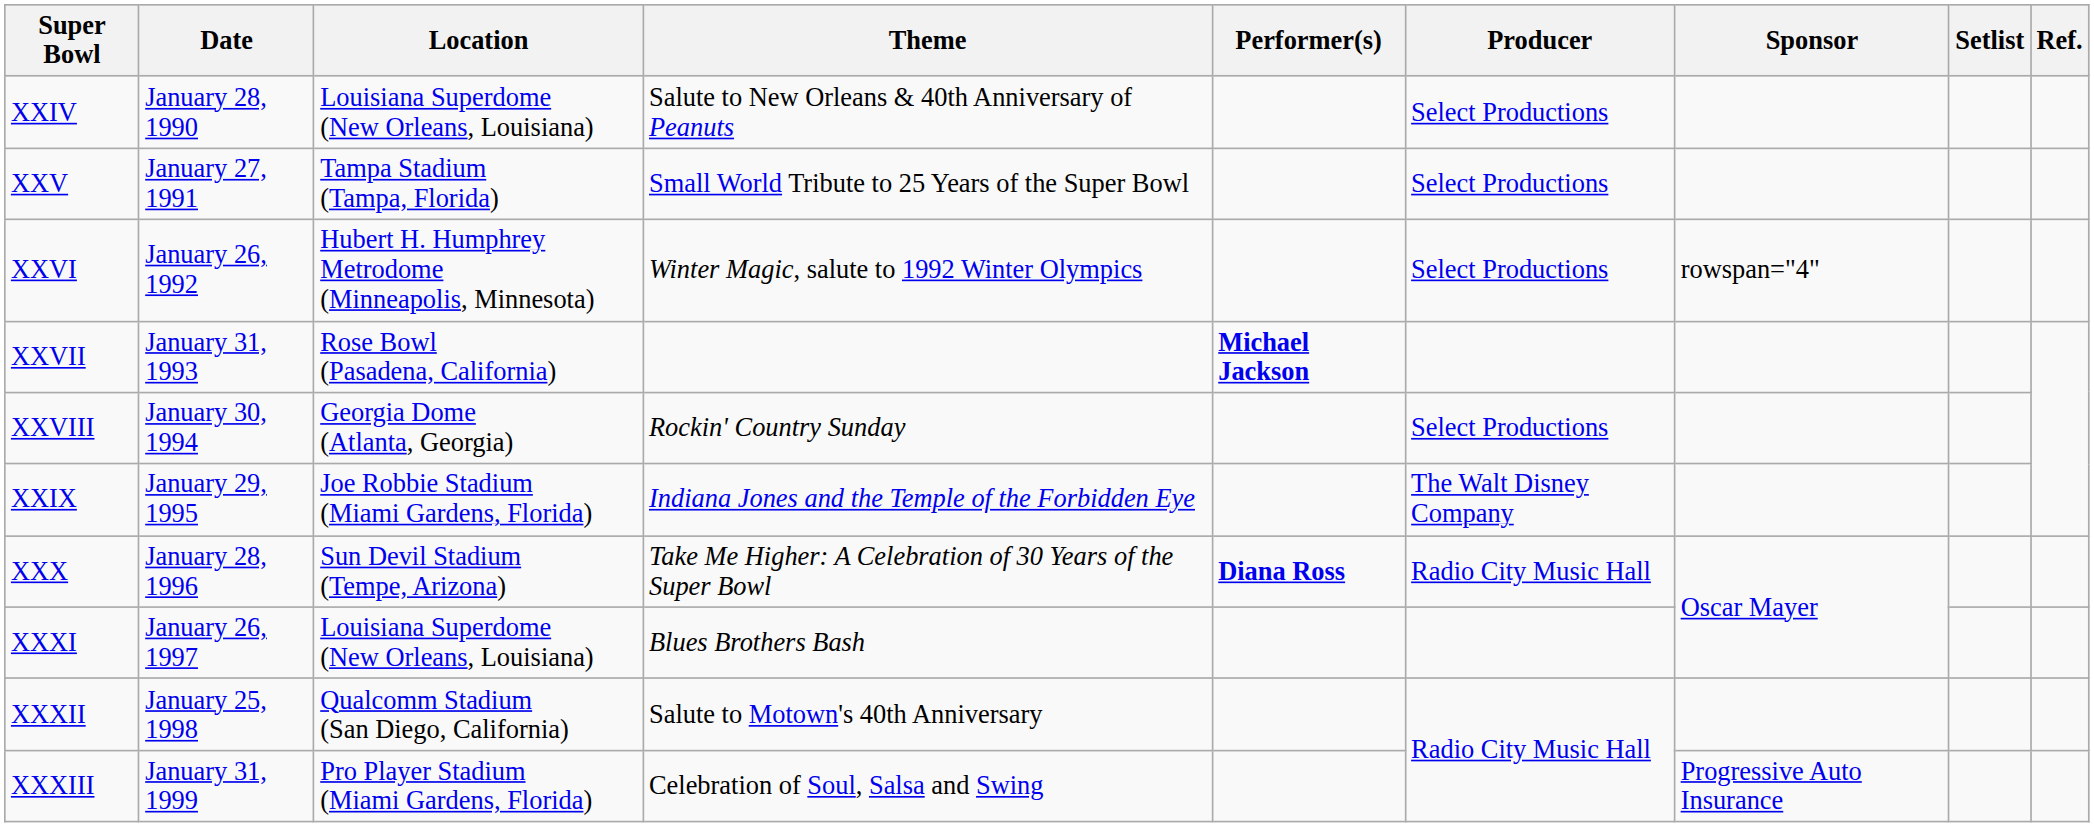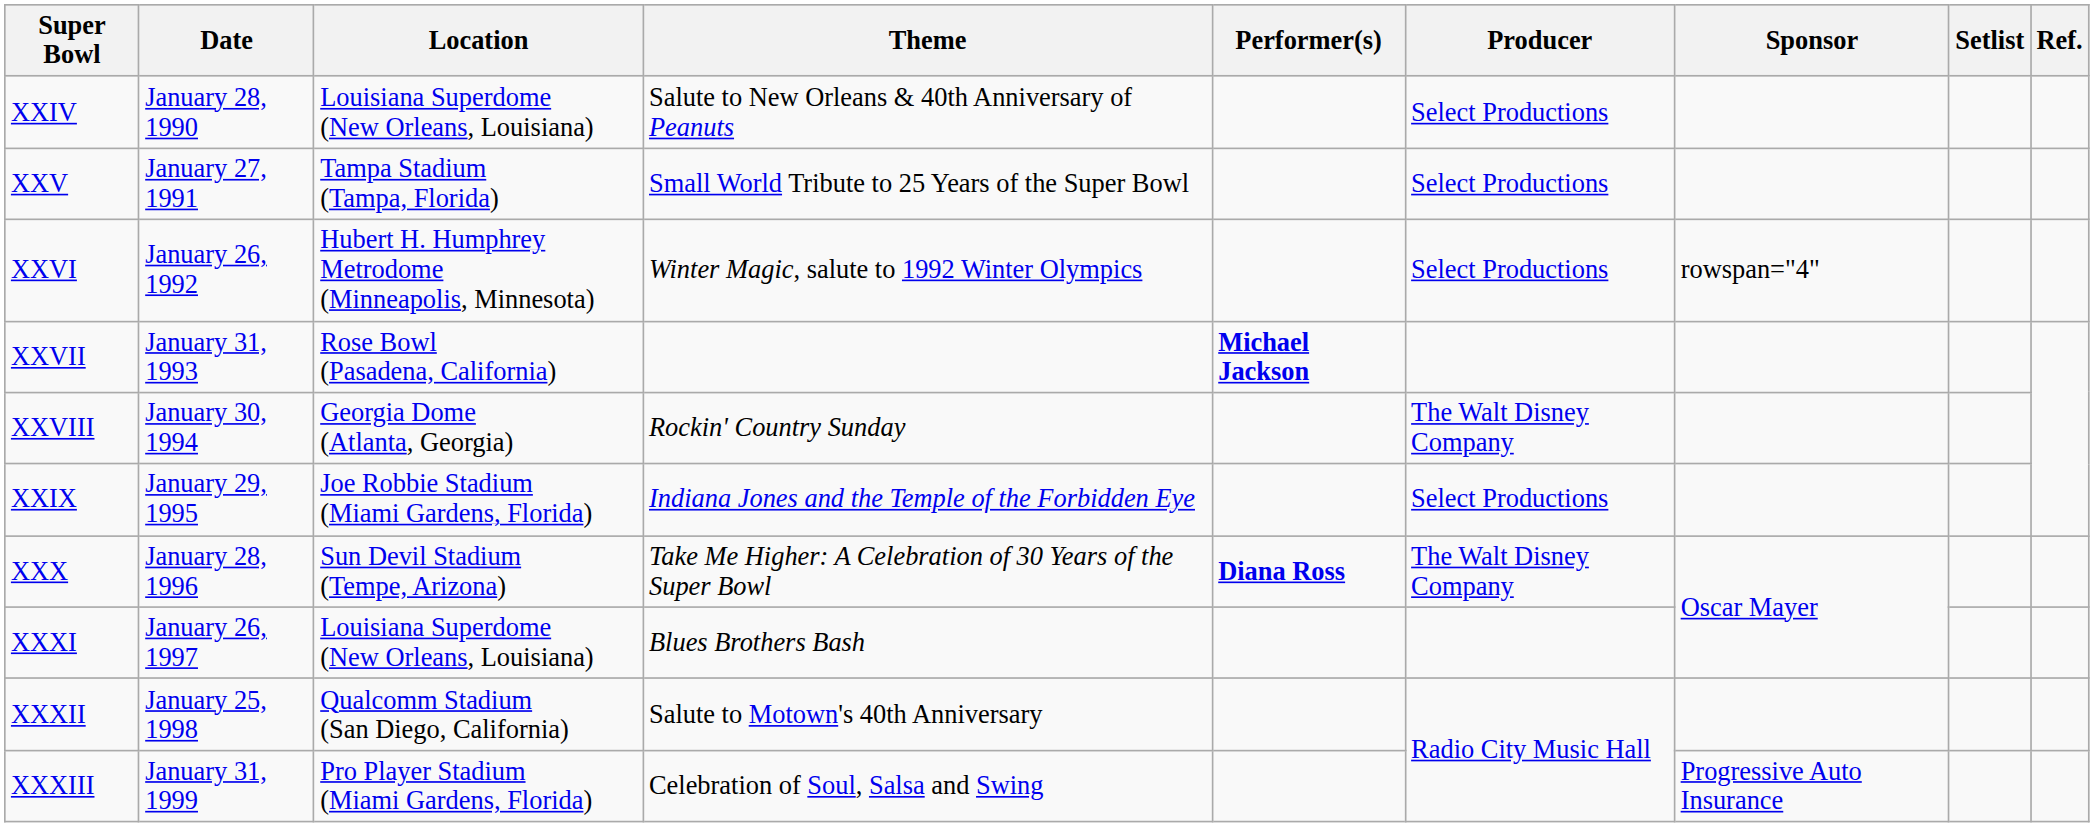 <table class="wikitable" style="width: 100%; ">
 <tr>
 <th>Super Bowl</th>
 <th>Date</th>
 <th>Location</th>
 <th>Theme</th>
 <th>Performer(s)</th>
 <th>Producer</th>
 <th>Sponsor</th>
 <th>Setlist</th>
 <th>Ref.</th>
 </tr>
 <tr>
 <td><a href='#'>XXIV</a></td>
 <td><a href='#'>January 28, 1990</a></td>
 <td><a href='#'>Louisiana Superdome</a><br>(<a href='#'>New Orleans</a>, Louisiana)</td>
 <td>Salute to New Orleans & 40th Anniversary of <em><a href='#'>Peanuts</a></em></td>
 <td></td>
 <td><a href='#'>Select Productions</a></td>
 <td></td>
 <td></td>
 <td></td>
 </tr>
 <tr>
 <td><a href='#'>XXV</a></td>
 <td><a href='#'>January 27, 1991</a></td>
 <td><a href='#'>Tampa Stadium</a><br>(<a href='#'>Tampa, Florida</a>)</td>
 <td><a href='#'>Small World</a> Tribute to 25 Years of the Super Bowl</td>
 <td></td>
 <td><a href='#'>Select Productions</a></td>
 <td></td>
 <td></td>
 <td></td>
 </tr>
 <tr>
 <td><a href='#'>XXVI</a></td>
 <td><a href='#'>January 26, 1992</a></td>
 <td><a href='#'>Hubert H. Humphrey Metrodome</a><br>(<a href='#'>Minneapolis</a>, Minnesota)</td>
 <td><em>Winter Magic</em>, salute to <a href='#'>1992 Winter Olympics</a></td>
 <td></td>
 <td><a href='#'>Select Productions</a></td>
 <td>rowspan="4" </td>
 <td></td>
 <td></td>
 </tr>
 <tr>
 <td><a href='#'>XXVII</a><br></td>
 <td><a href='#'>January 31, 1993</a></td>
 <td><a href='#'>Rose Bowl</a><br>(<a href='#'>Pasadena, California</a>)</td>
 <td></td>
 <td><strong><a href='#'>Michael Jackson</a></strong></td>
 <td></td>
 <td></td>
 <td></td>
 </tr>
 <tr>
 <td><a href='#'>XXVIII</a></td>
 <td><a href='#'>January 30, 1994</a></td>
 <td><a href='#'>Georgia Dome</a><br>(<a href='#'>Atlanta</a>, Georgia)</td>
 <td><em>Rockin' Country Sunday</em></td>
 <td></td>
-<td><a href='#'>Select Productions</a></td>
+<td><a href='#'>The Walt Disney Company</a></td>
 <td></td>
 <td></td>
 </tr>
 <tr>
 <td><a href='#'>XXIX</a></td>
 <td><a href='#'>January 29, 1995</a></td>
 <td><a href='#'>Joe Robbie Stadium</a><br>(<a href='#'>Miami Gardens, Florida</a>)</td>
 <td><em><a href='#'>Indiana Jones and the Temple of the Forbidden Eye</a></em></td>
 <td></td>
-<td><a href='#'>The Walt Disney Company</a></td>
+<td><a href='#'>Select Productions</a></td>
 <td></td>
 <td></td>
 </tr>
 <tr>
 <td><a href='#'>XXX</a><br></td>
 <td><a href='#'>January 28, 1996</a></td>
 <td><a href='#'>Sun Devil Stadium</a><br>(<a href='#'>Tempe, Arizona</a>)</td>
 <td><em>Take Me Higher: A Celebration of 30 Years of the Super Bowl</em></td>
 <td><strong><a href='#'>Diana Ross</a></strong></td>
-<td><a href='#'>Radio City Music Hall</a></td>
+<td><a href='#'>The Walt Disney Company</a></td>
 <td rowspan="2"><a href='#'>Oscar Mayer</a></td>
 <td></td>
 <td></td>
 </tr>
 <tr>
 <td><a href='#'>XXXI</a><br></td>
 <td><a href='#'>January 26, 1997</a></td>
 <td><a href='#'>Louisiana Superdome</a><br>(<a href='#'>New Orleans</a>, Louisiana)</td>
 <td><em>Blues Brothers Bash</em></td>
 <td></td>
 <td></td>
 <td></td>
 <td></td>
 </tr>
 <tr>
 <td><a href='#'>XXXII</a></td>
 <td><a href='#'>January 25, 1998</a></td>
 <td><a href='#'>Qualcomm Stadium</a><br>(San Diego, California)</td>
 <td>Salute to <a href='#'>Motown</a>'s 40th Anniversary</td>
 <td></td>
 <td rowspan="2"><a href='#'>Radio City Music Hall</a></td>
 <td></td>
 <td></td>
 <td></td>
 </tr>
 <tr>
 <td><a href='#'>XXXIII</a></td>
 <td><a href='#'>January 31, 1999</a></td>
 <td><a href='#'>Pro Player Stadium</a><br>(<a href='#'>Miami Gardens, Florida</a>)</td>
 <td>Celebration of <a href='#'>Soul</a>, <a href='#'>Salsa</a> and <a href='#'>Swing</a></td>
 <td></td>
 <td><a href='#'>Progressive Auto Insurance</a></td>
 <td></td>
 <td></td>
 </tr>
 </table>
